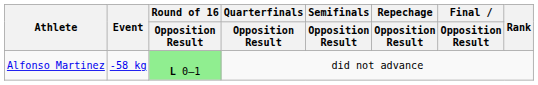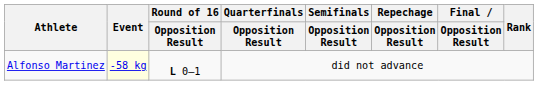 <table class="wikitable" style="font-size:90%">
 <tr>
 <th rowspan="2">Athlete</th>
 <th rowspan="2">Event</th>
 <th>Round of 16</th>
 <th>Quarterfinals</th>
 <th>Semifinals</th>
 <th>Repechage</th>
 <th>Final / </th>
 <th rowspan="2">Rank</th>
 </tr>
 <tr>
 <th>Opposition<br>Result</th>
 <th>Opposition<br>Result</th>
 <th>Opposition<br>Result</th>
 <th>Opposition<br>Result</th>
 <th>Opposition<br>Result</th>
 </tr>
 <tr align=center>
 <td align=left><a href='#'>Alfonso Martinez</a></td>
-<td align=left><a href='#'>-58 kg</a></td>
-<td style="background: lightgreen;"><br><strong>L</strong> 0–1</td>
+<td align=left style="background: lightyellow;"><a href='#'>-58 kg</a></td>
+<td><br><strong>L</strong> 0–1</td>
 <td colspan=5>did not advance</td>
 </tr>
 </table>
